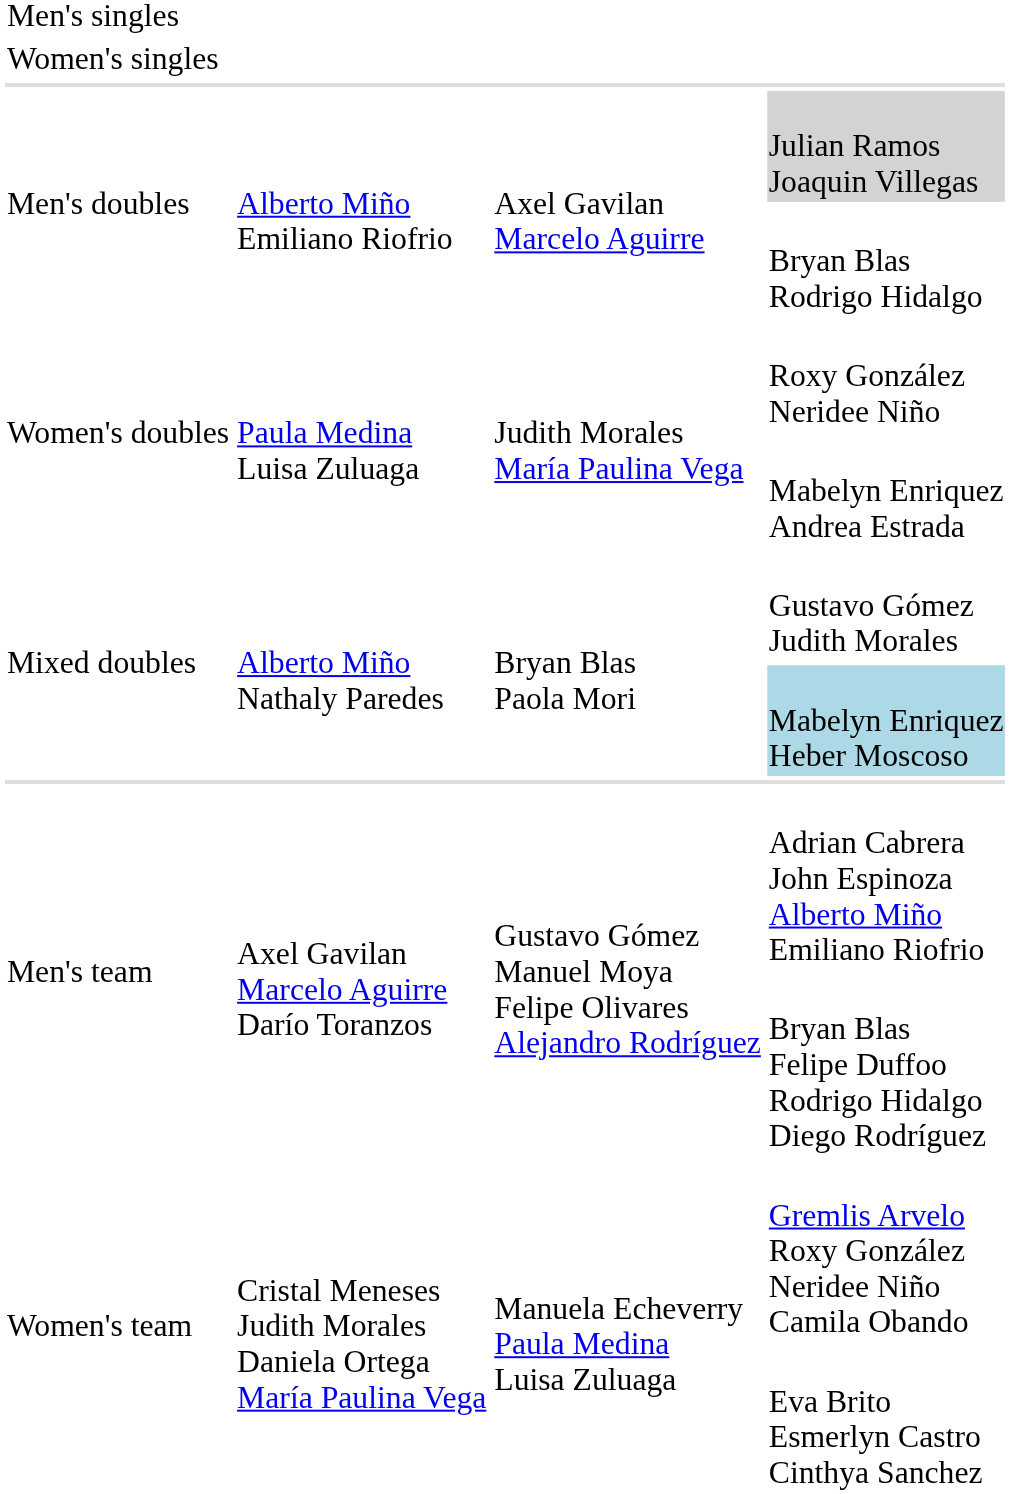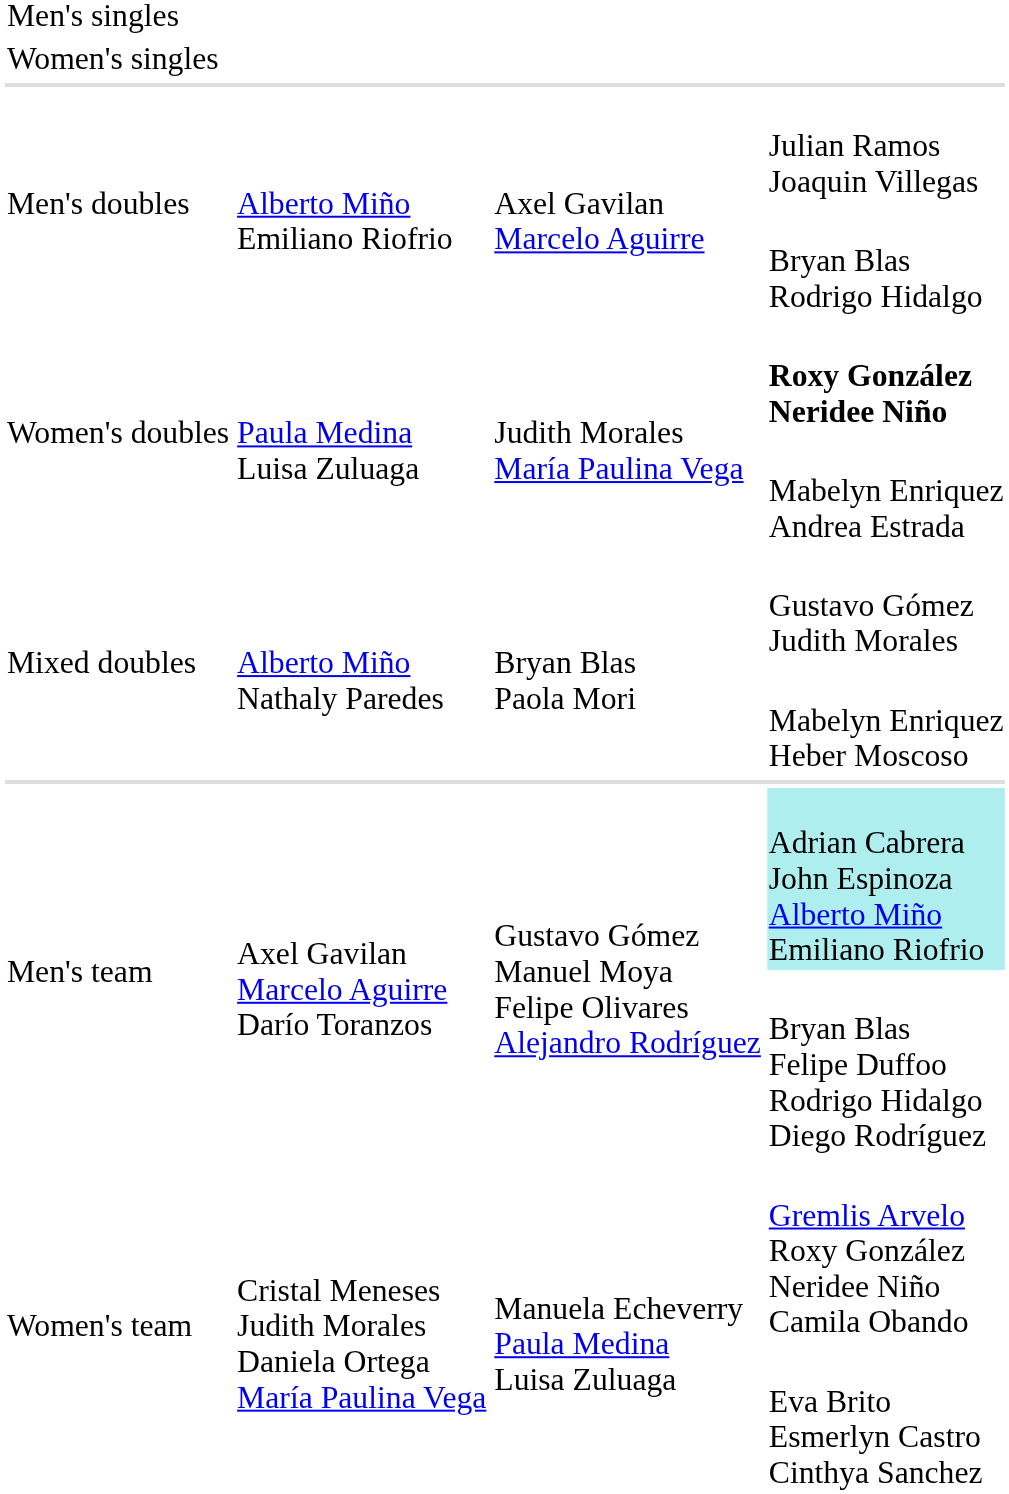 <table>
 <tr>
 <td rowspan=2>Men's singles</td>
 <td rowspan=2></td>
 <td rowspan=2></td>
 <td></td>
 </tr>
 <tr>
 <td></td>
 </tr>
 <tr>
 <td rowspan=2>Women's singles</td>
 <td rowspan=2></td>
 <td rowspan=2></td>
 <td></td>
 </tr>
 <tr>
 <td></td>
 </tr>
 <tr bgcolor=#dddddd>
 <td colspan=4></td>
 </tr>
 <tr>
 <td rowspan=2>Men's doubles</td>
 <td rowspan=2><br><a href='#'>Alberto Miño</a><br>Emiliano Riofrio</td>
 <td rowspan=2><br>Axel Gavilan<br><a href='#'>Marcelo Aguirre</a></td>
-<td style="background: lightgrey;"><br>Julian Ramos<br>Joaquin Villegas</td>
+<td><br>Julian Ramos<br>Joaquin Villegas</td>
 </tr>
 <tr>
 <td><br>Bryan Blas<br>Rodrigo Hidalgo</td>
 </tr>
 <tr>
 <td rowspan=2>Women's doubles</td>
 <td rowspan=2><br><a href='#'>Paula Medina</a><br>Luisa Zuluaga</td>
 <td rowspan=2><br>Judith Morales<br><a href='#'>María Paulina Vega</a></td>
-<td><br>Roxy González<br>Neridee Niño</td>
+<td><strong><br>Roxy González<br>Neridee Niño</strong></td>
 </tr>
 <tr>
 <td><br>Mabelyn Enriquez<br>Andrea Estrada</td>
 </tr>
 <tr>
 <td rowspan=2>Mixed doubles</td>
 <td rowspan=2><br><a href='#'>Alberto Miño</a><br>Nathaly Paredes</td>
 <td rowspan=2><br>Bryan Blas<br>Paola Mori</td>
 <td><br>Gustavo Gómez<br>Judith Morales</td>
 </tr>
 <tr>
-<td style="background: lightblue;"><br>Mabelyn Enriquez<br>Heber Moscoso</td>
+<td><br>Mabelyn Enriquez<br>Heber Moscoso</td>
 </tr>
 <tr bgcolor=#dddddd>
 <td colspan=4></td>
 </tr>
 <tr>
 <td rowspan=2>Men's team</td>
 <td rowspan=2><br>Axel Gavilan<br><a href='#'>Marcelo Aguirre</a><br>Darío Toranzos</td>
 <td rowspan=2 nowrap><br>Gustavo Gómez<br>Manuel Moya<br>Felipe Olivares<br><a href='#'>Alejandro Rodríguez</a></td>
-<td><br>Adrian Cabrera<br>John Espinoza<br><a href='#'>Alberto Miño</a><br>Emiliano Riofrio</td>
+<td style="background: paleturquoise;"><br>Adrian Cabrera<br>John Espinoza<br><a href='#'>Alberto Miño</a><br>Emiliano Riofrio</td>
 </tr>
 <tr>
 <td><br>Bryan Blas<br>Felipe Duffoo<br>Rodrigo Hidalgo<br>Diego Rodríguez</td>
 </tr>
 <tr>
 <td rowspan=2>Women's team</td>
 <td rowspan=2 nowrap><br>Cristal Meneses<br>Judith Morales<br>Daniela Ortega<br><a href='#'>María Paulina Vega</a></td>
 <td rowspan=2><br>Manuela Echeverry<br><a href='#'>Paula Medina</a><br>Luisa Zuluaga</td>
 <td><br><a href='#'>Gremlis Arvelo</a><br>Roxy González<br>Neridee Niño<br>Camila Obando</td>
 </tr>
 <tr>
 <td nowrap><br>Eva Brito<br>Esmerlyn Castro<br>Cinthya Sanchez</td>
 </tr>
 </table>
